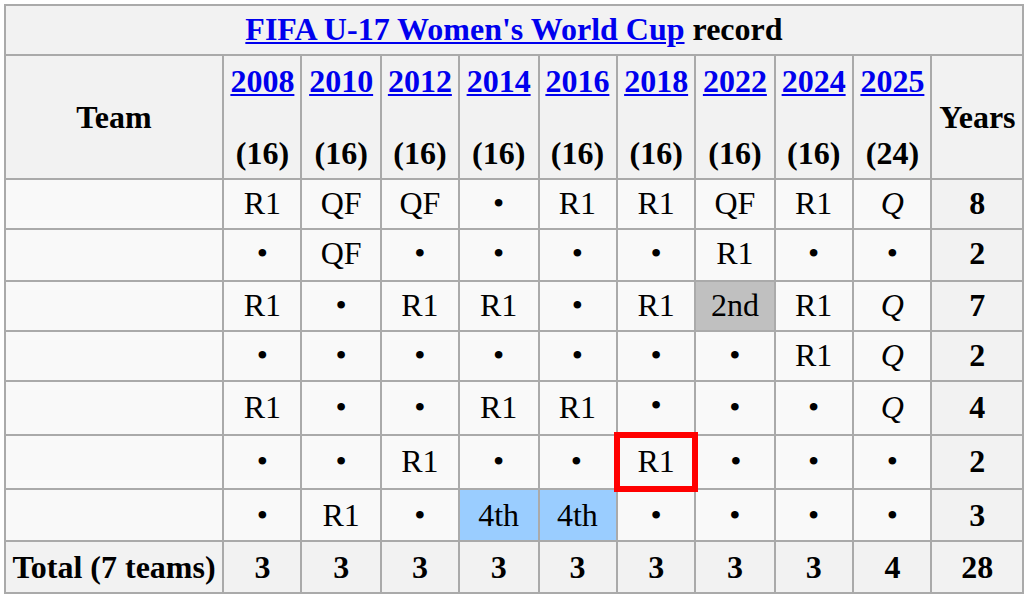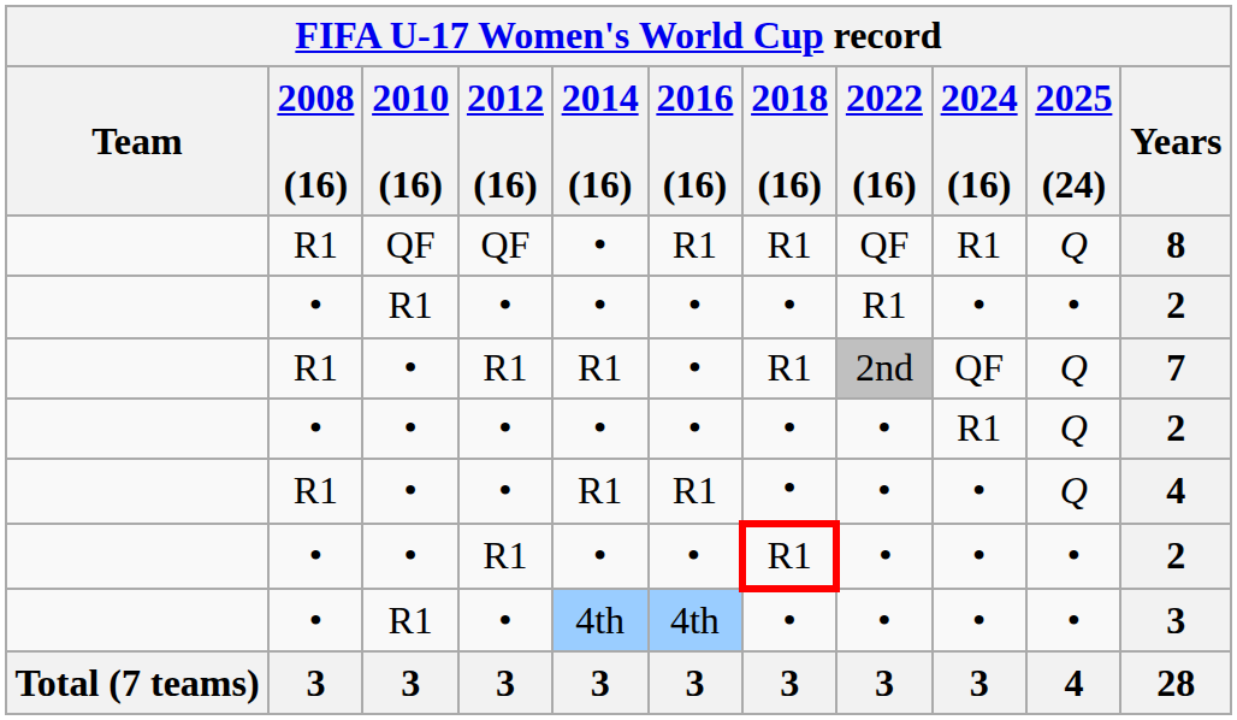 <table class="wikitable">
 <tr style="background:#cccccc;" align=center>
 <th colspan=11><a href='#'>FIFA U-17 Women's World Cup</a> record</th>
 </tr>
 <tr>
 <th>Team</th>
 <th><a href='#'>2008</a><br><br>(16)</th>
 <th><a href='#'>2010</a><br><br>(16)</th>
 <th><a href='#'>2012</a><br><br>(16)</th>
 <th><a href='#'>2014</a><br><br>(16)</th>
 <th><a href='#'>2016</a><br><br>(16)</th>
 <th><a href='#'>2018</a><br><br>(16)</th>
 <th><a href='#'>2022</a><br><br>(16)</th>
 <th><a href='#'>2024</a><br><br>(16)</th>
 <th><a href='#'>2025</a><br><br>(24)</th>
 <th>Years</th>
 </tr>
 <tr align=center>
 <td align=left></td>
 <td>R1</td>
 <td>QF</td>
 <td>QF</td>
 <td>•</td>
 <td>R1</td>
 <td>R1</td>
 <td>QF</td>
 <td>R1</td>
 <td><em>Q</em></td>
 <th>8</th>
 </tr>
 <tr align=center>
 <td align=left></td>
 <td>•</td>
-<td>QF</td>
+<td>R1</td>
 <td>•</td>
 <td>•</td>
 <td>•</td>
 <td>•</td>
 <td>R1</td>
 <td>•</td>
 <td>•</td>
 <th>2</th>
 </tr>
 <tr align=center>
 <td align=left></td>
 <td>R1</td>
 <td>•</td>
 <td>R1</td>
 <td>R1</td>
 <td>•</td>
 <td>R1</td>
 <td bgcolor=silver>2nd</td>
-<td>R1</td>
+<td>QF</td>
 <td><em>Q</em></td>
 <th>7</th>
 </tr>
 <tr align=center>
 <td align=left></td>
 <td>•</td>
 <td>•</td>
 <td>•</td>
 <td>•</td>
 <td>•</td>
 <td>•</td>
 <td>•</td>
 <td>R1</td>
 <td><em>Q</em></td>
 <th>2</th>
 </tr>
 <tr align=center>
 <td align=left></td>
 <td>R1</td>
 <td>•</td>
 <td>•</td>
 <td>R1</td>
 <td>R1</td>
 <td>•</td>
 <td>•</td>
 <td>•</td>
 <td><em>Q</em></td>
 <th>4</th>
 </tr>
 <tr align=center>
 <td align=left></td>
 <td>•</td>
 <td>•</td>
 <td>R1</td>
 <td>•</td>
 <td>•</td>
 <td style="border: 3px solid red">R1</td>
 <td>•</td>
 <td>•</td>
 <td>•</td>
 <th>2</th>
 </tr>
 <tr align=center>
 <td align=left></td>
 <td>•</td>
 <td>R1</td>
 <td>•</td>
 <td bgcolor=#9acdff>4th</td>
 <td bgcolor=#9acdff>4th</td>
 <td>•</td>
 <td>•</td>
 <td>•</td>
 <td>•</td>
 <th>3</th>
 </tr>
 <tr align=center>
 <th align=left><strong>Total (7 teams)</strong></th>
 <th><strong>3</strong></th>
 <th><strong>3</strong></th>
 <th><strong>3</strong></th>
 <th><strong>3</strong></th>
 <th><strong>3</strong></th>
 <th><strong>3</strong></th>
 <th><strong>3</strong></th>
 <th><strong>3</strong></th>
 <th><strong>4</strong></th>
 <th>28</th>
 </tr>
 </table>
